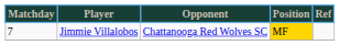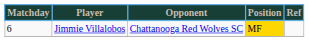 <table class=wikitable>
 <tr>
 <th style="background:#183F36; color:#C6BEB1; border:2px solid #5FAFE4;">Matchday</th>
 <th style="background:#183F36; color:#C6BEB1; border:2px solid #5FAFE4;">Player</th>
 <th style="background:#183F36; color:#C6BEB1; border:2px solid #5FAFE4;">Opponent</th>
 <th style="background:#183F36; color:#C6BEB1; border:2px solid #5FAFE4;">Position</th>
 <th style="background:#183F36; color:#C6BEB1; border:2px solid #5FAFE4;">Ref</th>
 </tr>
 <tr>
-<td>7</td>
+<td>6</td>
 <td> <a href='#'>Jimmie Villalobos</a></td>
 <td><a href='#'>Chattanooga Red Wolves SC</a></td>
 <td style="background: gold;">MF</td>
 <td></td>
 </tr>
 <tr>
 </tr>
 </table>
